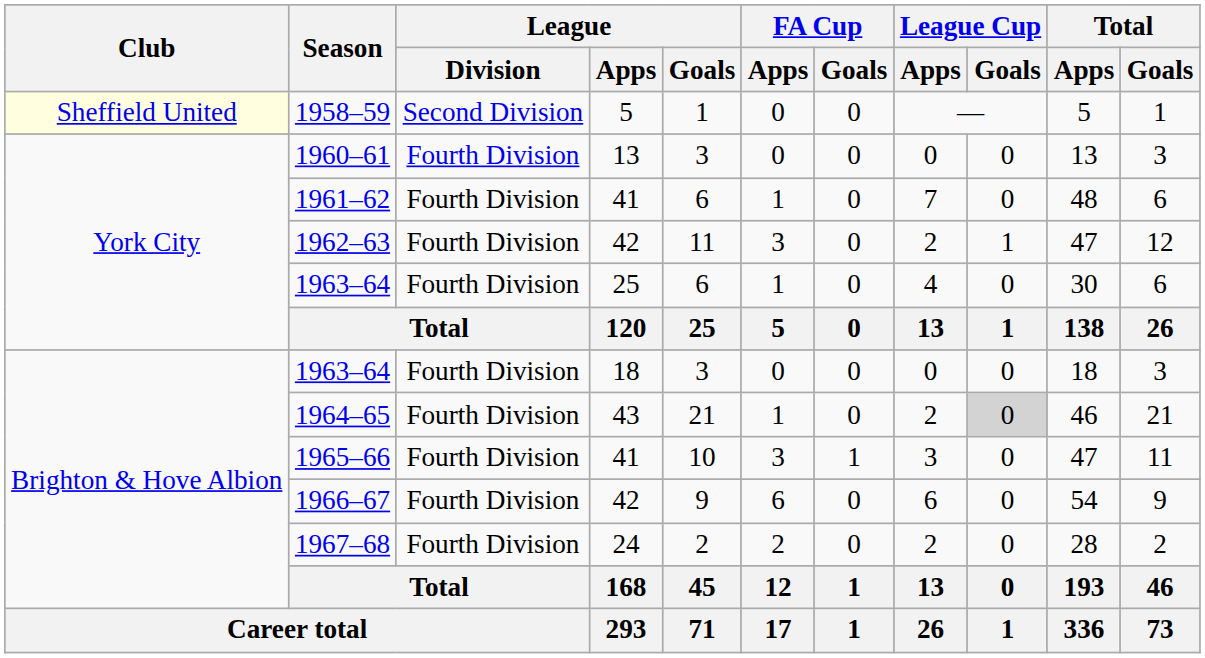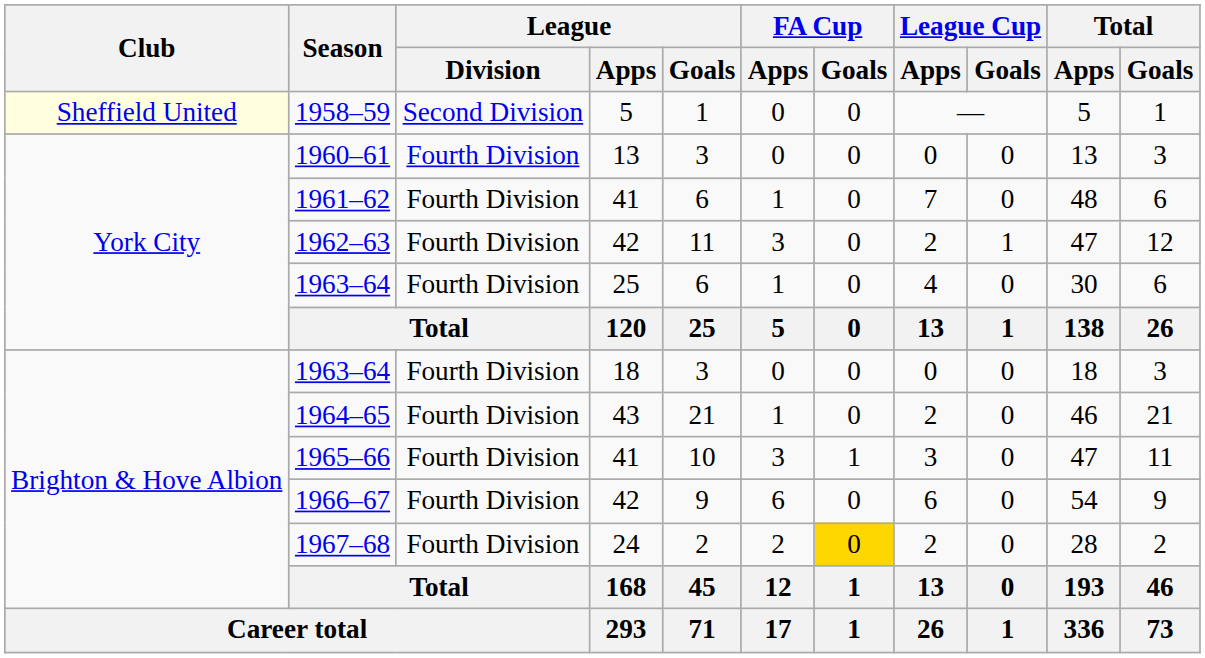 <table class="wikitable" style="text-align:center">
 <tr>
 <th rowspan="2">Club</th>
 <th rowspan="2">Season</th>
 <th colspan="3">League</th>
 <th colspan="2"><a href='#'>FA Cup</a></th>
 <th colspan="2"><a href='#'>League Cup</a></th>
 <th colspan="2">Total</th>
 </tr>
 <tr>
 <th>Division</th>
 <th>Apps</th>
 <th>Goals</th>
 <th>Apps</th>
 <th>Goals</th>
 <th>Apps</th>
 <th>Goals</th>
 <th>Apps</th>
 <th>Goals</th>
 </tr>
 <tr>
 <td style="background: lightyellow;"><a href='#'>Sheffield United</a></td>
 <td><a href='#'>1958–59</a></td>
 <td><a href='#'>Second Division</a></td>
 <td>5</td>
 <td>1</td>
 <td>0</td>
 <td>0</td>
 <td colspan="2">—</td>
 <td>5</td>
 <td>1</td>
 </tr>
 <tr>
 <td rowspan="5"><a href='#'>York City</a></td>
 <td><a href='#'>1960–61</a></td>
 <td><a href='#'>Fourth Division</a></td>
 <td>13</td>
 <td>3</td>
 <td>0</td>
 <td>0</td>
 <td>0</td>
 <td>0</td>
 <td>13</td>
 <td>3</td>
 </tr>
 <tr>
 <td><a href='#'>1961–62</a></td>
 <td>Fourth Division</td>
 <td>41</td>
 <td>6</td>
 <td>1</td>
 <td>0</td>
 <td>7</td>
 <td>0</td>
 <td>48</td>
 <td>6</td>
 </tr>
 <tr>
 <td><a href='#'>1962–63</a></td>
 <td>Fourth Division</td>
 <td>42</td>
 <td>11</td>
 <td>3</td>
 <td>0</td>
 <td>2</td>
 <td>1</td>
 <td>47</td>
 <td>12</td>
 </tr>
 <tr>
 <td><a href='#'>1963–64</a></td>
 <td>Fourth Division</td>
 <td>25</td>
 <td>6</td>
 <td>1</td>
 <td>0</td>
 <td>4</td>
 <td>0</td>
 <td>30</td>
 <td>6</td>
 </tr>
 <tr>
 <th colspan="2">Total</th>
 <th>120</th>
 <th>25</th>
 <th>5</th>
 <th>0</th>
 <th>13</th>
 <th>1</th>
 <th>138</th>
 <th>26</th>
 </tr>
 <tr>
 <td rowspan=6><a href='#'>Brighton & Hove Albion</a></td>
 <td><a href='#'>1963–64</a></td>
 <td>Fourth Division</td>
 <td>18</td>
 <td>3</td>
 <td>0</td>
 <td>0</td>
 <td>0</td>
 <td>0</td>
 <td>18</td>
 <td>3</td>
 </tr>
 <tr>
 <td><a href='#'>1964–65</a></td>
 <td>Fourth Division</td>
 <td>43</td>
 <td>21</td>
 <td>1</td>
 <td>0</td>
 <td>2</td>
-<td style="background: lightgrey;">0</td>
+<td>0</td>
 <td>46</td>
 <td>21</td>
 </tr>
 <tr>
 <td><a href='#'>1965–66</a></td>
 <td>Fourth Division</td>
 <td>41</td>
 <td>10</td>
 <td>3</td>
 <td>1</td>
 <td>3</td>
 <td>0</td>
 <td>47</td>
 <td>11</td>
 </tr>
 <tr>
 <td><a href='#'>1966–67</a></td>
 <td>Fourth Division</td>
 <td>42</td>
 <td>9</td>
 <td>6</td>
 <td>0</td>
 <td>6</td>
 <td>0</td>
 <td>54</td>
 <td>9</td>
 </tr>
 <tr>
 <td><a href='#'>1967–68</a></td>
 <td>Fourth Division</td>
 <td>24</td>
 <td>2</td>
 <td>2</td>
-<td>0</td>
+<td style="background: gold;">0</td>
 <td>2</td>
 <td>0</td>
 <td>28</td>
 <td>2</td>
 </tr>
 <tr>
 <th colspan="2">Total</th>
 <th>168</th>
 <th>45</th>
 <th>12</th>
 <th>1</th>
 <th>13</th>
 <th>0</th>
 <th>193</th>
 <th>46</th>
 </tr>
 <tr>
 <th colspan="3">Career total</th>
 <th>293</th>
 <th>71</th>
 <th>17</th>
 <th>1</th>
 <th>26</th>
 <th>1</th>
 <th>336</th>
 <th>73</th>
 </tr>
 </table>
